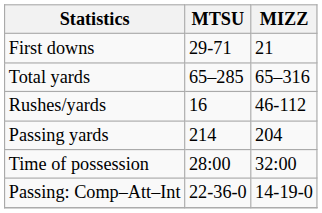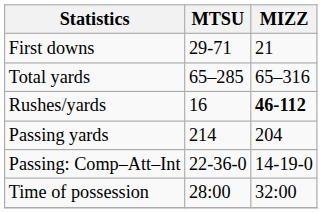 <table class="wikitable" style="float: left;">
 <tr>
 <th>Statistics</th>
 <th>MTSU</th>
 <th>MIZZ</th>
 </tr>
 <tr>
 <td>First downs</td>
 <td>29-71</td>
 <td>21</td>
 </tr>
 <tr>
 <td>Total yards</td>
 <td>65–285</td>
 <td>65–316</td>
 </tr>
 <tr>
 <td>Rushes/yards</td>
 <td>16</td>
-<td>46-112</td>
+<td><strong>46-112</strong></td>
 </tr>
 <tr>
 <td>Passing yards</td>
 <td>214</td>
 <td>204</td>
 </tr>
 <tr>
+<td>Passing: Comp–Att–Int</td>
+<td>22-36-0</td>
+<td>14-19-0</td>
+</tr>
+<tr>
 <td>Time of possession</td>
 <td>28:00</td>
 <td>32:00</td>
 </tr>
 <tr>
-<td>Passing: Comp–Att–Int</td>
-<td>22-36-0</td>
-<td>14-19-0</td>
-</tr>
-<tr>
 </tr>
 </table>
